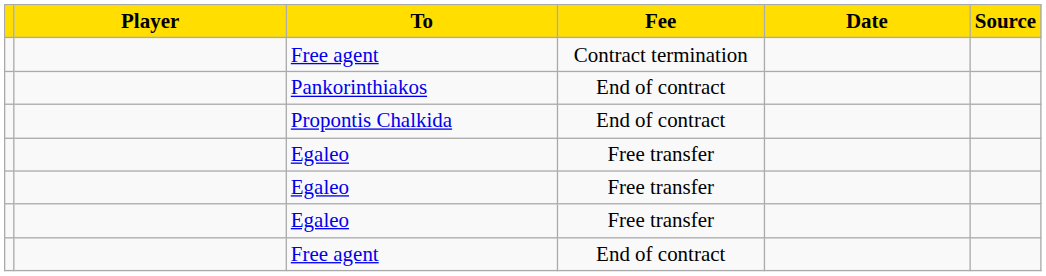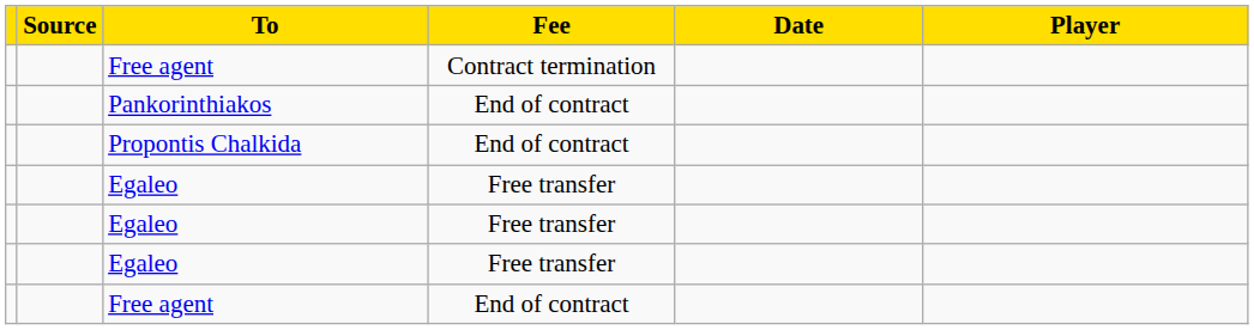 <table class="wikitable sortable">
 <tr>
 <th style="background:#FFDE00"></th>
-<th width=200 style="background:#FFDE00">Player</th>
+<th style="background:#FFDE00">Source</th>
 <th width=200 style="background:#FFDE00">To</th>
 <th width=150 style="background:#FFDE00">Fee</th>
 <th width=150 style="background:#FFDE00">Date</th>
-<th style="background:#FFDE00">Source</th>
+<th width=200 style="background:#FFDE00">Player</th>
 </tr>
 <tr>
 <td align=center></td>
-<td></td>
+<td align=center></td>
 <td><a href='#'>Free agent</a></td>
 <td align=center>Contract termination</td>
 <td align=center></td>
-<td align=center></td>
+<td></td>
 </tr>
 <tr>
 <td align=center></td>
-<td></td>
+<td align=center></td>
 <td> <a href='#'>Pankorinthiakos</a></td>
 <td align=center>End of contract</td>
 <td align=center></td>
-<td align=center></td>
+<td></td>
 </tr>
 <tr>
 <td align=center></td>
-<td></td>
+<td align=center></td>
 <td> <a href='#'>Propontis Chalkida</a></td>
 <td align=center>End of contract</td>
 <td align=center></td>
-<td align=center></td>
+<td></td>
 </tr>
 <tr>
 <td align=center></td>
-<td></td>
+<td align=center></td>
 <td> <a href='#'>Egaleo</a></td>
 <td align=center>Free transfer</td>
 <td align=center></td>
-<td align=center></td>
+<td></td>
 </tr>
 <tr>
 <td align=center></td>
-<td></td>
+<td align=center></td>
 <td> <a href='#'>Egaleo</a></td>
 <td align=center>Free transfer</td>
 <td align=center></td>
-<td align=center></td>
+<td></td>
 </tr>
 <tr>
 <td align=center></td>
-<td></td>
+<td align=center></td>
 <td> <a href='#'>Egaleo</a></td>
 <td align=center>Free transfer</td>
 <td align=center></td>
-<td align=center></td>
+<td></td>
 </tr>
 <tr>
 <td align=center></td>
-<td></td>
+<td align=center></td>
 <td><a href='#'>Free agent</a></td>
 <td align=center>End of contract</td>
 <td align=center></td>
-<td align=center></td>
+<td></td>
 </tr>
 </table>
